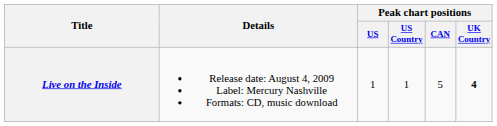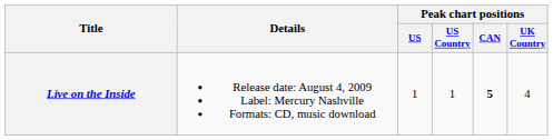 <table class="wikitable plainrowheaders" style="text-align:center;">
 <tr>
 <th rowspan="2" style="width:14em;">Title</th>
 <th rowspan="2" style="width:18em;">Details</th>
 <th colspan="4">Peak chart positions</th>
 </tr>
 <tr style="font-size:smaller;">
 <th style="width:3em;"><a href='#'>US</a><br></th>
 <th style="width:3em;"><a href='#'>US Country</a><br></th>
 <th style="width:3em;"><a href='#'>CAN</a><br></th>
 <th style="width:3em;"><a href='#'>UK Country</a><br></th>
 </tr>
 <tr>
 <th scope="row"><em><a href='#'>Live on the Inside</a></em></th>
 <td><br><ul><li>Release date: August 4, 2009</li><li>Label: Mercury Nashville</li><li>Formats: CD, music download</li></ul></td>
 <td>1</td>
 <td>1</td>
-<td>5</td>
-<td><strong>4</strong></td>
+<td><strong>5</strong></td>
+<td>4</td>
 </tr>
 </table>
